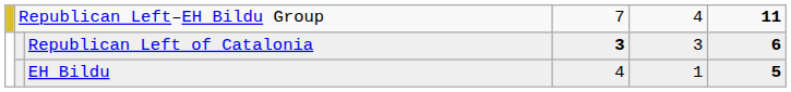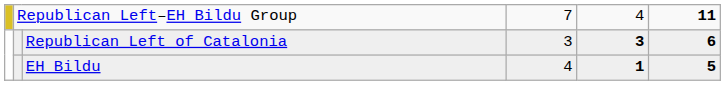 <table class="wikitable collapsible collapsed" style="text-align:right; font-size:95%; border:0px; margin-top:-1px; margin-bottom:0;">
 <tr>
 <td width="1" bgcolor="#DAC025"></td>
 <th style="text-align:left; font-weight:normal; background:#F9F9F9" colspan="2" width="385"><a href='#'>Republican Left</a>–<a href='#'>EH Bildu</a> Group</th>
 <td width="50">7</td>
 <td width="51">4</td>
 <td width="51"><strong>11</strong></td>
 </tr>
 <tr style="background:#EFEFEF;">
 <td style="background:white;" rowspan="4"></td>
 <td width="1"></td>
 <td align="left"><a href='#'>Republican Left of Catalonia</a></td>
+<td>3</td>
 <td><strong>3</strong></td>
-<td>3</td>
 <td><strong>6</strong></td>
 </tr>
 <tr style="background:#EFEFEF;">
 <td></td>
 <td align="left"><a href='#'>EH Bildu</a></td>
 <td>4</td>
-<td>1</td>
+<td><strong>1</strong></td>
 <td><strong>5</strong></td>
 </tr>
 </table>
